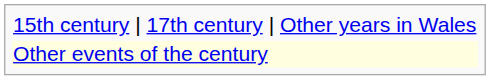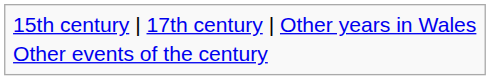 <table class="infobox" id="toc">
 <tr>
 <td align="left"><a href='#'>15th century</a> | <a href='#'>17th century</a> | <a href='#'>Other years in Wales</a></td>
 </tr>
 <tr>
-<td style="background: lightyellow;"><a href='#'>Other events of the century</a></td>
+<td><a href='#'>Other events of the century</a></td>
 </tr>
 </table>
